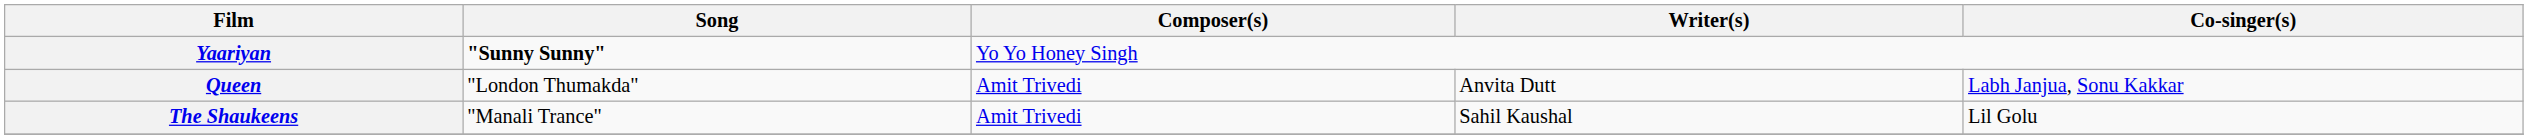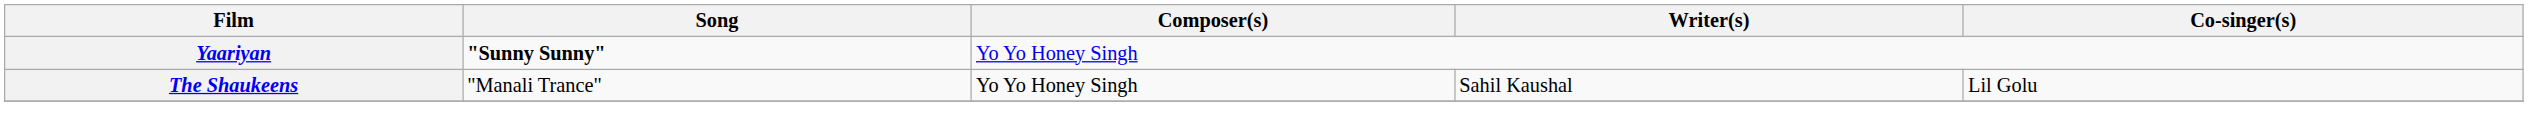 <table class="wikitable plainrowheaders" width="100%">
 <tr>
 <th width=18%>Film</th>
 <th width=20%>Song</th>
 <th width=19%>Composer(s)</th>
 <th width=20%>Writer(s)</th>
 <th width=22%>Co-singer(s)</th>
 </tr>
 <tr>
 <th scope=row><em><a href='#'>Yaariyan</a></em></th>
 <td><strong>"Sunny Sunny"</strong></td>
 <td colspan=3><a href='#'>Yo Yo Honey Singh</a></td>
 </tr>
 <tr>
-<th scope=row><em><a href='#'>Queen</a></em></th>
-<td>"London Thumakda"</td>
-<td><a href='#'>Amit Trivedi</a></td>
-<td>Anvita Dutt</td>
-<td><a href='#'>Labh Janjua</a>, <a href='#'>Sonu Kakkar</a></td>
-</tr>
-<tr>
 <th scope=row><em><a href='#'>The Shaukeens</a></em></th>
 <td>"Manali Trance"</td>
-<td><a href='#'>Amit Trivedi</a></td>
+<td>Yo Yo Honey Singh</td>
 <td>Sahil Kaushal</td>
 <td>Lil Golu</td>
 </tr>
 <tr>
 </tr>
 </table>
